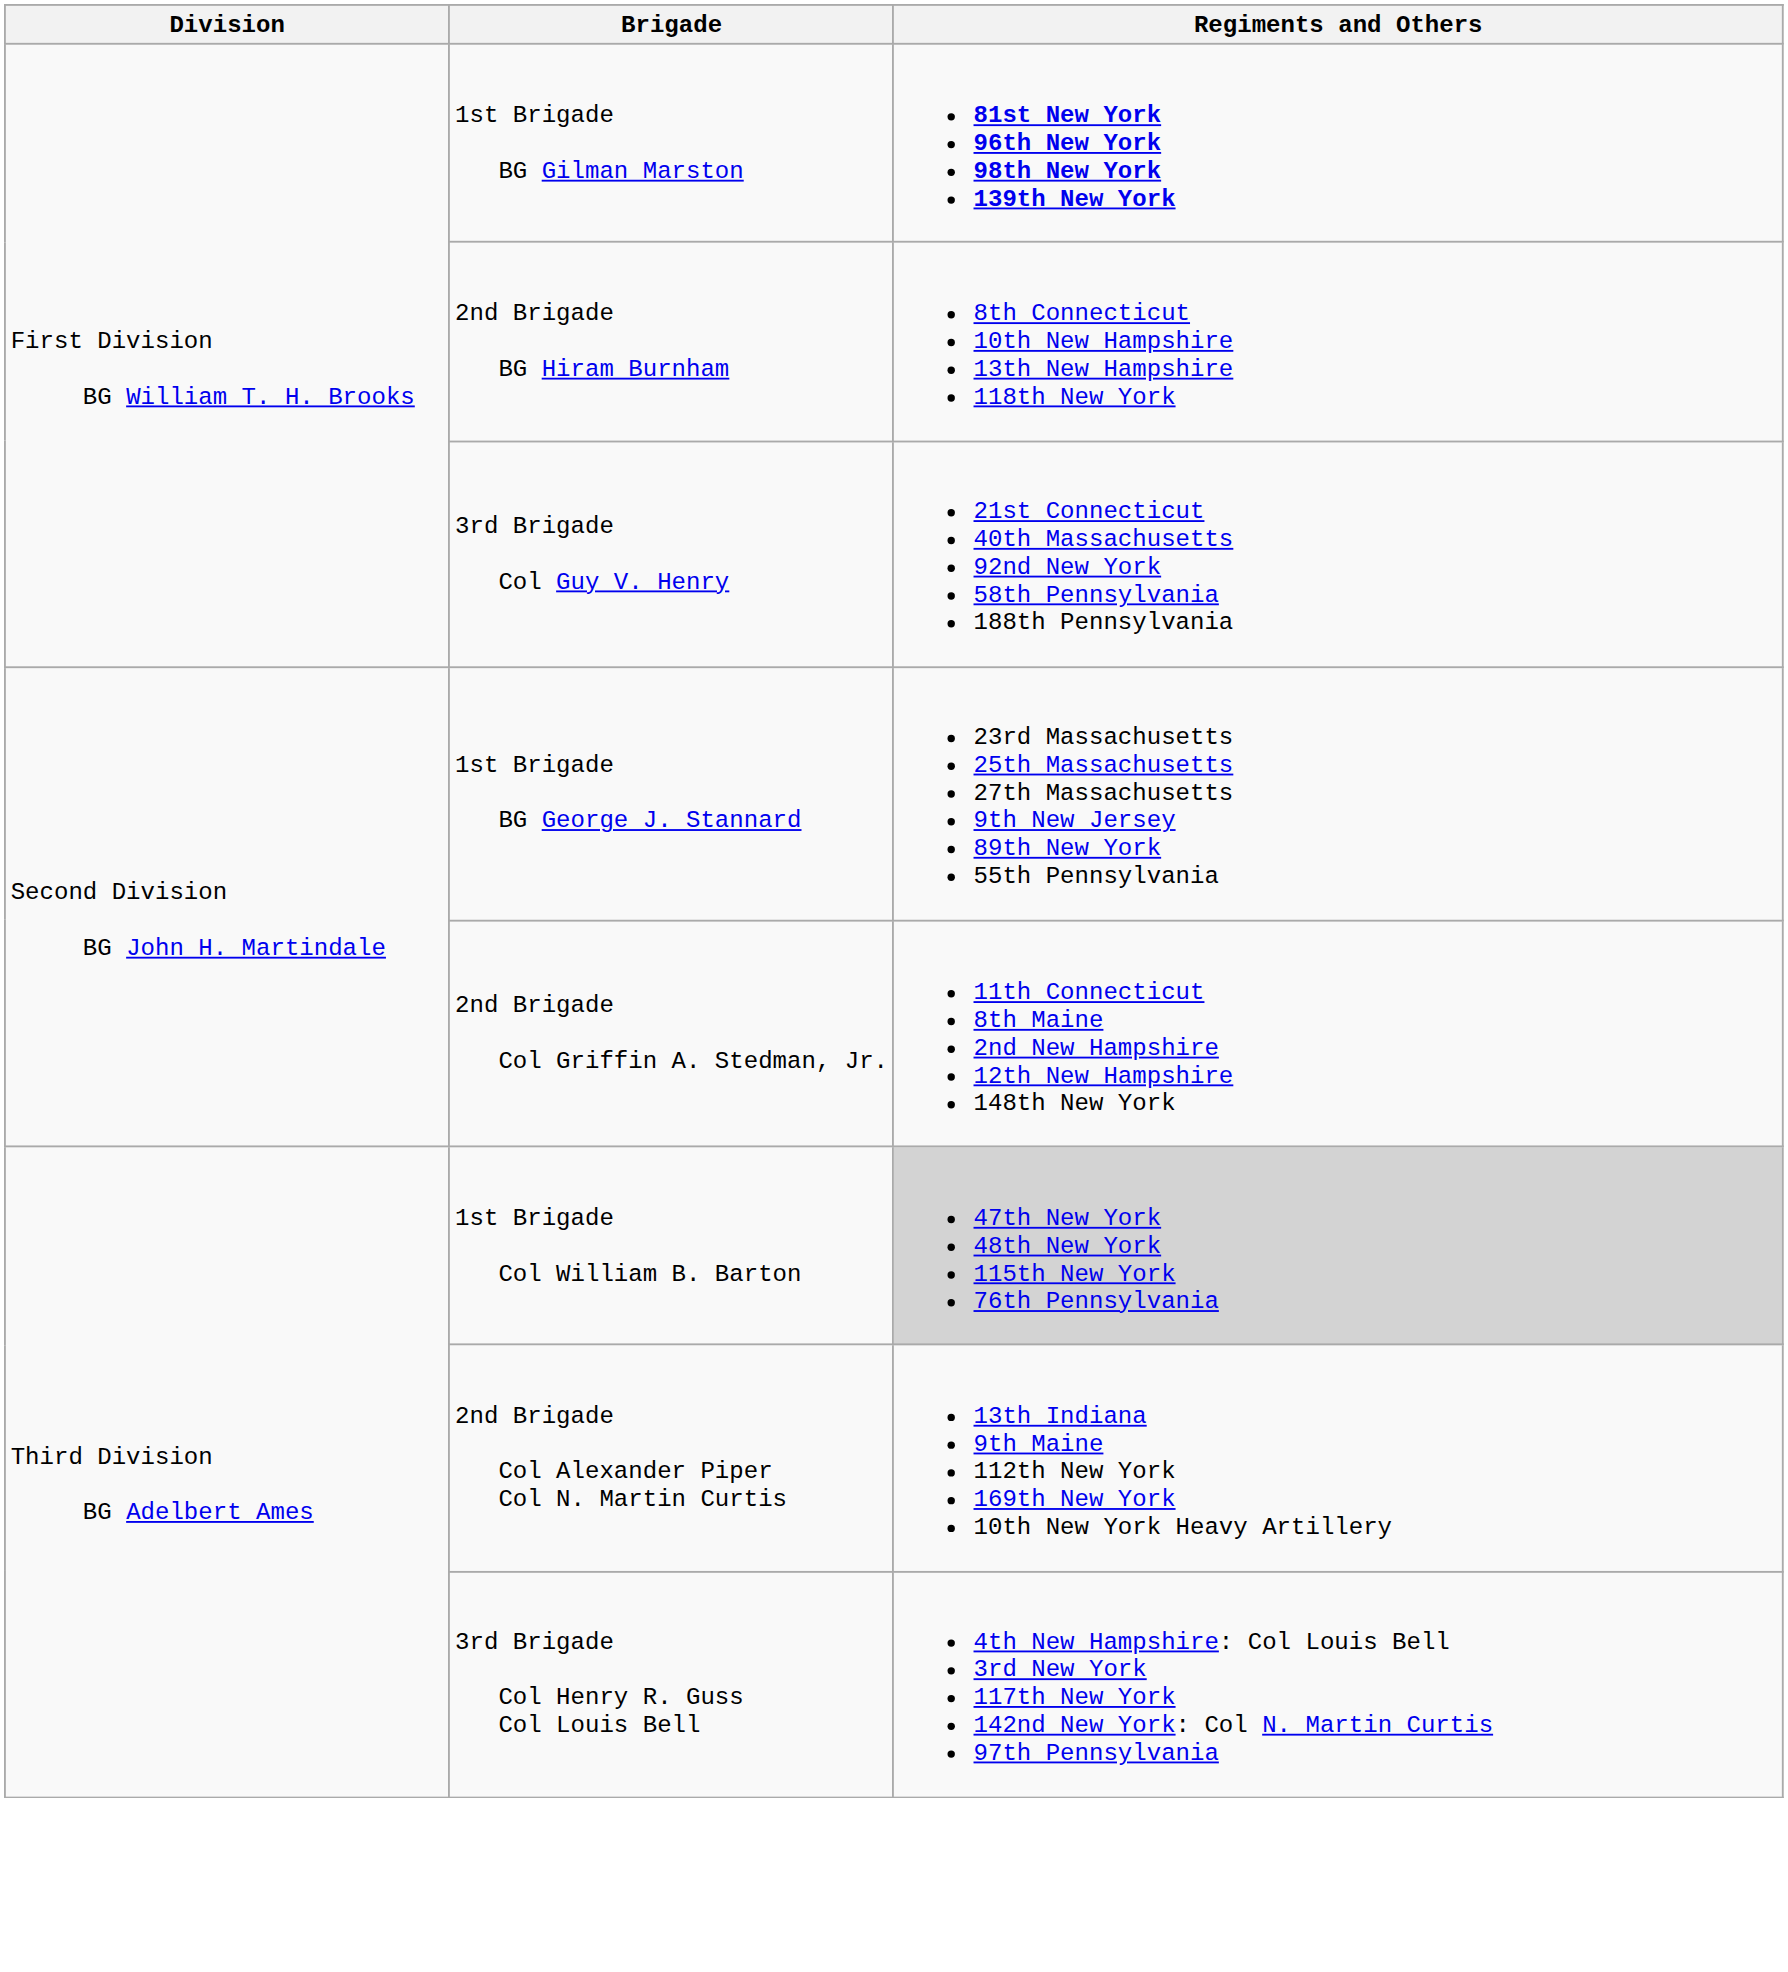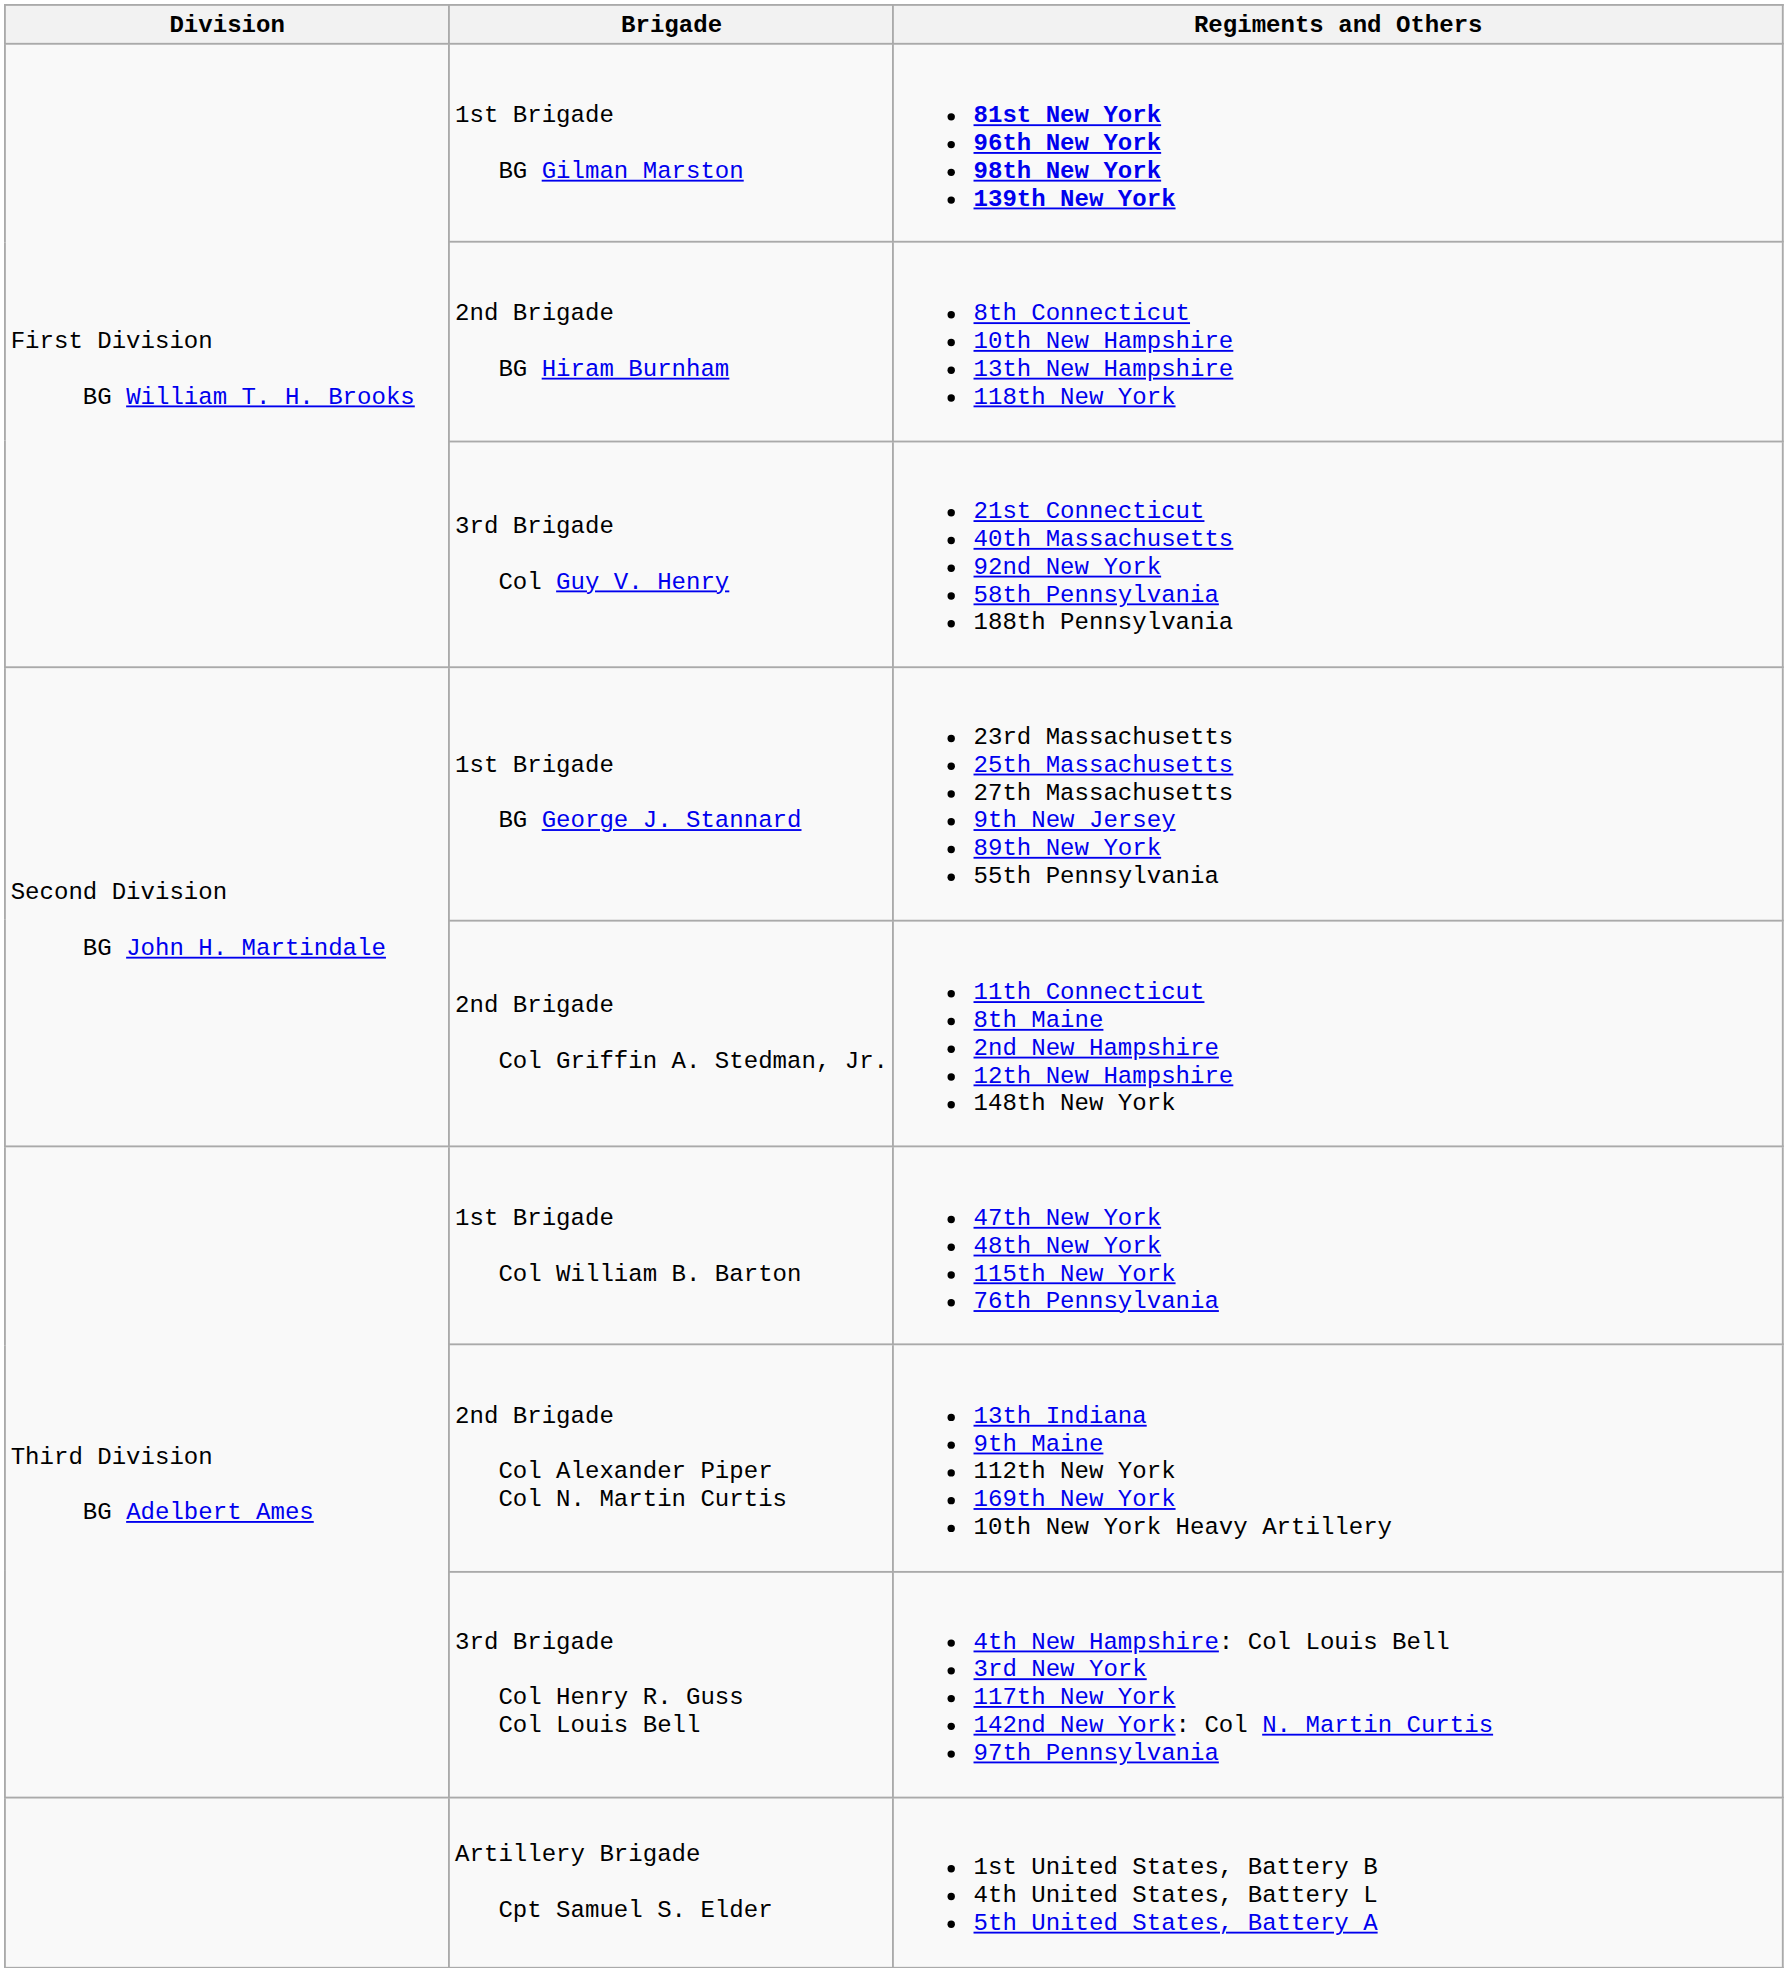 <table class="wikitable">
 <tr>
 <th width=25%>Division</th>
 <th width=25%>Brigade</th>
 <th>Regiments and Others</th>
 </tr>
 <tr>
 <td rowspan=3><br>First Division<br> <br>     BG <a href='#'>William T. H. Brooks</a></td>
 <td>1st Brigade<br><br>   BG <a href='#'>Gilman Marston</a></td>
 <td><strong><br><ul><li><a href='#'>81st New York</a></li><li><a href='#'>96th New York</a></li><li><a href='#'>98th New York</a></li><li><a href='#'>139th New York</a></li></ul></strong></td>
 </tr>
 <tr>
 <td>2nd Brigade<br><br>   BG <a href='#'>Hiram Burnham</a></td>
 <td><br><ul><li><a href='#'>8th Connecticut</a></li><li><a href='#'>10th New Hampshire</a></li><li><a href='#'>13th New Hampshire</a></li><li><a href='#'>118th New York</a></li></ul></td>
 </tr>
 <tr>
 <td>3rd Brigade<br><br>   Col <a href='#'>Guy V. Henry</a></td>
 <td><br><ul><li><a href='#'>21st Connecticut</a></li><li><a href='#'>40th Massachusetts</a></li><li><a href='#'>92nd New York</a></li><li><a href='#'>58th Pennsylvania</a></li><li>188th Pennsylvania</li></ul></td>
 </tr>
 <tr>
 <td rowspan=2><br>Second Division <br> <br>     BG <a href='#'>John H. Martindale</a></td>
 <td>1st Brigade<br><br>   BG <a href='#'>George J. Stannard</a></td>
 <td><br><ul><li>23rd Massachusetts</li><li><a href='#'>25th Massachusetts</a></li><li>27th Massachusetts</li><li><a href='#'>9th New Jersey</a></li><li><a href='#'>89th New York</a></li><li>55th Pennsylvania</li></ul></td>
 </tr>
 <tr>
 <td>2nd Brigade<br><br>   Col Griffin A. Stedman, Jr.</td>
 <td><br><ul><li><a href='#'>11th Connecticut</a></li><li><a href='#'>8th Maine</a></li><li><a href='#'>2nd New Hampshire</a></li><li><a href='#'>12th New Hampshire</a></li><li>148th New York</li></ul></td>
 </tr>
 <tr>
 <td rowspan=3><br>Third Division<br> <br>     BG <a href='#'>Adelbert Ames</a></td>
 <td>1st Brigade<br><br>   Col William B. Barton</td>
-<td style="background: lightgrey;"><br><ul><li><a href='#'>47th New York</a></li><li><a href='#'>48th New York</a></li><li><a href='#'>115th New York</a></li><li><a href='#'>76th Pennsylvania</a></li></ul></td>
+<td><br><ul><li><a href='#'>47th New York</a></li><li><a href='#'>48th New York</a></li><li><a href='#'>115th New York</a></li><li><a href='#'>76th Pennsylvania</a></li></ul></td>
 </tr>
 <tr>
 <td>2nd Brigade<br><br>   Col Alexander Piper <br>   Col N. Martin Curtis</td>
 <td><br><ul><li><a href='#'>13th Indiana</a></li><li><a href='#'>9th Maine</a></li><li>112th New York</li><li><a href='#'>169th New York</a></li><li>10th New York Heavy Artillery</li></ul></td>
 </tr>
 <tr>
 <td>3rd Brigade<br><br>   Col Henry R. Guss <br>   Col Louis Bell</td>
 <td><br><ul><li><a href='#'>4th New Hampshire</a>: Col Louis Bell</li><li><a href='#'>3rd New York</a></li><li><a href='#'>117th New York</a></li><li><a href='#'>142nd New York</a>: Col <a href='#'>N. Martin Curtis</a></li><li><a href='#'>97th Pennsylvania</a></li></ul></td>
 </tr>
+<tr>
+<td></td>
+<td>Artillery Brigade<br><br>   Cpt Samuel S. Elder</td>
+<td><br><ul><li>1st United States, Battery B</li><li>4th United States, Battery L</li><li><a href='#'>5th United States, Battery A</a></li></ul></td>
+</tr>
 </table>
